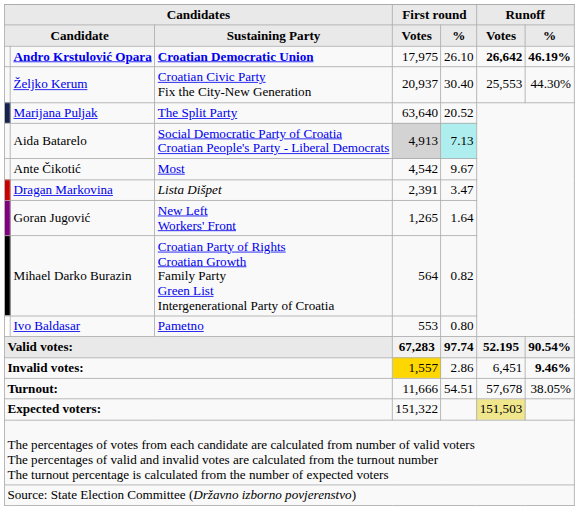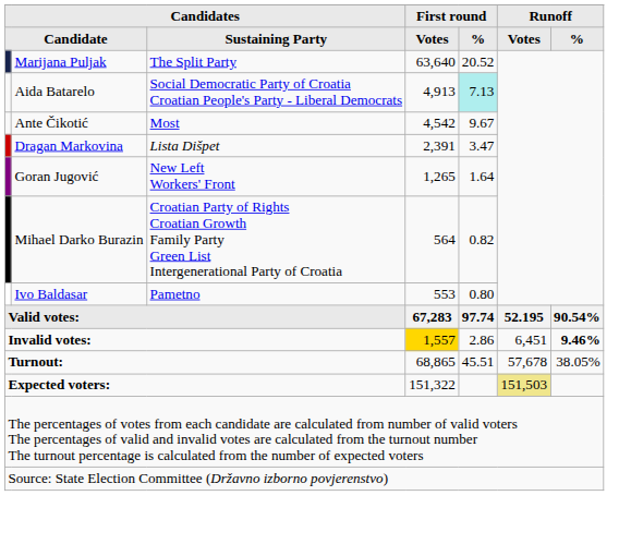 <table class="wikitable" border="1">
 <tr>
 </tr>
 <tr style="background-color:#C9C9C9">
 <th style="background-color:#E9E9E9" align= center colspan="3">Candidates</th>
 <th style="background-color:#E9E9E9" align= center colspan="2">First round</th>
 <th style="background-color:#E9E9E9" align= center colspan="2">Runoff</th>
 </tr>
 <tr>
 <th style="background-color:#E9E9E9" align= center colspan="2">Candidate</th>
 <th style="background-color:#E9E9E9" align= center>Sustaining Party</th>
 <th style="background-color:#E9E9E9" align= center>Votes</th>
 <th style="background-color:#E9E9E9" align= center>%</th>
 <th style="background-color:#E9E9E9" align= center>Votes</th>
 <th style="background-color:#E9E9E9" align= center>%</th>
 </tr>
 <tr>
-<td></td>
-<td align = left><strong><a href='#'>Andro Krstulović Opara</a></strong></td>
-<td align = left><strong><a href='#'>Croatian Democratic Union</a></strong></td>
-<td align = right>17,975</td>
-<td align = right>26.10</td>
-<td align = right><strong>26,642</strong></td>
-<td align = right><strong>46.19%</strong></td>
-</tr>
-<tr>
-<td></td>
-<td align = left><a href='#'>Željko Kerum</a></td>
-<td align = left><a href='#'>Croatian Civic Party</a> <br> Fix the City-New Generation</td>
-<td align = right>20,937</td>
-<td align = right>30.40</td>
-<td align = right>25,553</td>
-<td align = right>44.30%</td>
-</tr>
-<tr>
 <td bgcolor="#17234d"></td>
 <td align = left><a href='#'>Marijana Puljak</a></td>
 <td align = left><a href='#'>The Split Party</a></td>
 <td align = right>63,640</td>
 <td align = right>20.52</td>
 </tr>
 <tr>
 <td></td>
 <td align = left>Aida Batarelo</td>
 <td align = left><a href='#'>Social Democratic Party of Croatia</a> <br> <a href='#'>Croatian People's Party - Liberal Democrats</a></td>
-<td align = right style="background: lightgrey;">4,913</td>
+<td align = right>4,913</td>
 <td align = right style="background: paleturquoise;">7.13</td>
 </tr>
 <tr>
 <td></td>
 <td align = left>Ante Čikotić</td>
 <td align = left><a href='#'>Most</a></td>
 <td align = right>4,542</td>
 <td align = right>9.67</td>
 </tr>
 <tr>
 <td bgcolor="#cc0000"></td>
 <td align = left><a href='#'>Dragan Markovina</a></td>
 <td align = left><em>Lista Dišpet</em></td>
 <td align = right>2,391</td>
 <td align = right>3.47</td>
 </tr>
 <tr>
 <td bgcolor="purple"></td>
 <td align = left>Goran Jugović</td>
 <td align = left><a href='#'>New Left</a> <br> <a href='#'>Workers' Front</a></td>
 <td align = right>1,265</td>
 <td align = right>1.64</td>
 </tr>
 <tr>
 <td bgcolor="black"></td>
 <td align = left>Mihael Darko Burazin</td>
 <td align = left><a href='#'>Croatian Party of Rights</a> <br> <a href='#'>Croatian Growth</a> <br> Family Party <br> <a href='#'>Green List</a> <br> Intergenerational Party of Croatia</td>
 <td align = right>564</td>
 <td align = right>0.82</td>
 </tr>
 <tr>
 <td bgcolor="white"></td>
 <td align = left><a href='#'>Ivo Baldasar</a></td>
 <td align = left><a href='#'>Pametno</a></td>
 <td align = right>553</td>
 <td align = right>0.80</td>
 </tr>
 <tr style="background-color:#E9E9E9">
 <td align=left colspan=3><strong>Valid votes:</strong></td>
 <th align= right>67,283</th>
 <th align= right>97.74</th>
 <th align= right>52.195</th>
 <th align= right>90.54%</th>
 </tr>
 <tr>
 <td align=left colspan=3><strong>Invalid votes:</strong></td>
 <td align=right style="background: gold;">1,557</td>
 <td align=right>2.86</td>
 <td align=right>6,451</td>
 <td align=right><strong>9.46%</strong></td>
 </tr>
 <tr>
 <td align=left colspan=3><strong>Turnout:</strong></td>
-<td align=right>11,666</td>
-<td align=right>54.51</td>
+<td align=right>68,865</td>
+<td align=right>45.51</td>
 <td align=right>57,678</td>
 <td align=right>38.05%</td>
 </tr>
 <tr>
 <td align=left colspan=3><strong>Expected voters:</strong></td>
 <td align=right>151,322</td>
 <td align=right></td>
 <td align=right style="background: khaki;">151,503</td>
 <td align=right></td>
 </tr>
 <tr>
 <td align=left colspan=7><br>The percentages of votes from each candidate are calculated from number of valid voters<br> The percentages of valid and invalid votes are calculated from the turnout number<br> The turnout percentage is calculated from the number of expected voters</td>
 </tr>
 <tr>
 <td align=left colspan=7>Source: State Election Committee (<em>Državno izborno povjerenstvo</em>) </td>
 </tr>
 </table>
